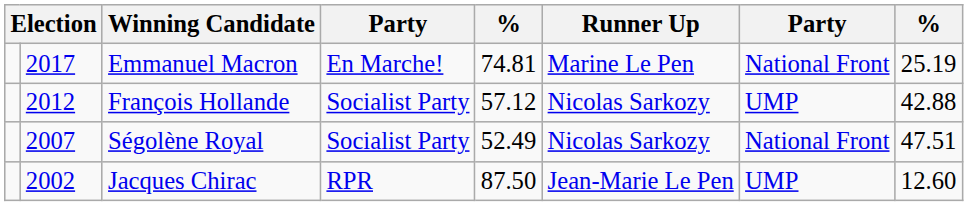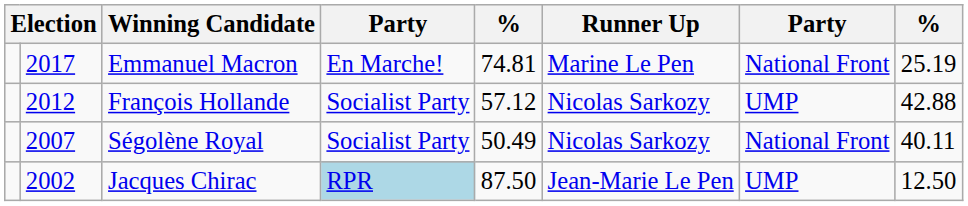 <table class="wikitable">
 <tr>
 <th colspan="2">Election</th>
 <th>Winning Candidate</th>
 <th>Party</th>
 <th>%</th>
 <th>Runner Up</th>
 <th>Party</th>
 <th>%</th>
 </tr>
 <tr>
 <td style="background-color: "></td>
 <td><a href='#'>2017</a></td>
 <td><a href='#'>Emmanuel Macron</a></td>
 <td><a href='#'>En Marche!</a></td>
 <td>74.81</td>
 <td><a href='#'>Marine Le Pen</a></td>
 <td><a href='#'>National Front</a></td>
 <td>25.19</td>
 </tr>
 <tr>
 <td style="background-color: "></td>
 <td><a href='#'>2012</a></td>
 <td><a href='#'>François Hollande</a></td>
 <td><a href='#'>Socialist Party</a></td>
 <td>57.12</td>
 <td><a href='#'>Nicolas Sarkozy</a></td>
 <td><a href='#'>UMP</a></td>
 <td>42.88</td>
 </tr>
 <tr>
 <td style="background-color: "></td>
 <td><a href='#'>2007</a></td>
 <td><a href='#'>Ségolène Royal</a></td>
 <td><a href='#'>Socialist Party</a></td>
-<td>52.49</td>
+<td>50.49</td>
 <td><a href='#'>Nicolas Sarkozy</a></td>
 <td><a href='#'>National Front</a></td>
-<td>47.51</td>
+<td>40.11</td>
 </tr>
 <tr>
 <td style="background-color: "></td>
 <td><a href='#'>2002</a></td>
 <td><a href='#'>Jacques Chirac</a></td>
-<td><a href='#'>RPR</a></td>
+<td style="background: lightblue;"><a href='#'>RPR</a></td>
 <td>87.50</td>
 <td><a href='#'>Jean-Marie Le Pen</a></td>
 <td><a href='#'>UMP</a></td>
-<td>12.60</td>
+<td>12.50</td>
 </tr>
 </table>
